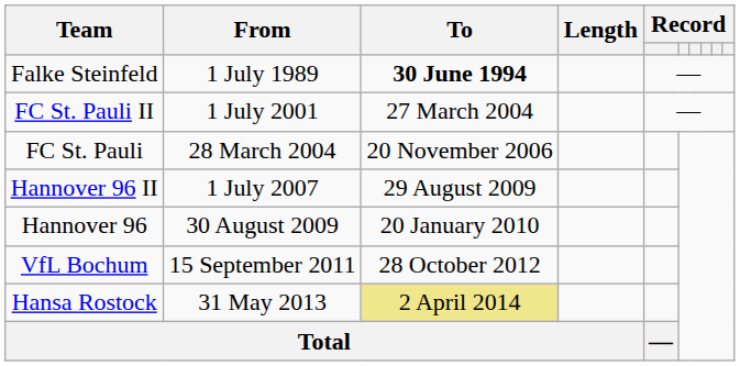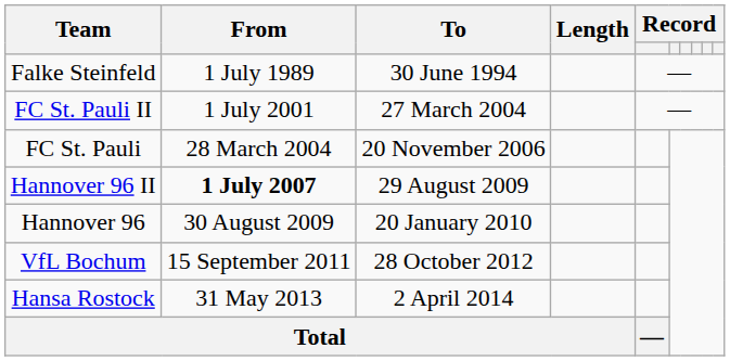 <table class="wikitable" style="text-align: center">
 <tr>
 <th rowspan="2">Team</th>
 <th rowspan="2">From</th>
 <th rowspan="2">To</th>
 <th rowspan="2">Length</th>
 <th colspan="6">Record</th>
 </tr>
 <tr>
 <th></th>
 <th></th>
 <th></th>
 <th></th>
 <th></th>
 <th></th>
 </tr>
 <tr>
 <td>Falke Steinfeld</td>
 <td>1 July 1989</td>
-<td><strong>30 June 1994</strong></td>
+<td>30 June 1994</td>
 <td><br></td>
 <td colspan="6">— </td>
 </tr>
 <tr>
 <td><a href='#'>FC St. Pauli</a> II</td>
 <td>1 July 2001</td>
 <td>27 March 2004</td>
 <td><br></td>
 <td colspan="6">— </td>
 </tr>
 <tr>
 <td>FC St. Pauli</td>
 <td>28 March 2004</td>
 <td>20 November 2006</td>
 <td><br></td>
 <td><br></td>
 </tr>
 <tr>
 <td><a href='#'>Hannover 96</a> II</td>
-<td>1 July 2007</td>
+<td><strong>1 July 2007</strong></td>
 <td>29 August 2009</td>
 <td><br></td>
 <td><br></td>
 </tr>
 <tr>
 <td>Hannover 96</td>
 <td>30 August 2009</td>
 <td>20 January 2010</td>
 <td><br></td>
 <td></td>
 </tr>
 <tr>
 <td><a href='#'>VfL Bochum</a></td>
 <td>15 September 2011</td>
 <td>28 October 2012</td>
 <td><br></td>
 <td></td>
 </tr>
 <tr>
 <td><a href='#'>Hansa Rostock</a></td>
 <td>31 May 2013</td>
-<td style="background: khaki;">2 April 2014</td>
+<td>2 April 2014</td>
 <td><br></td>
 <td></td>
 </tr>
 <tr>
 <th colspan="4">Total<br></th>
 <th>—</th>
 </tr>
 </table>
